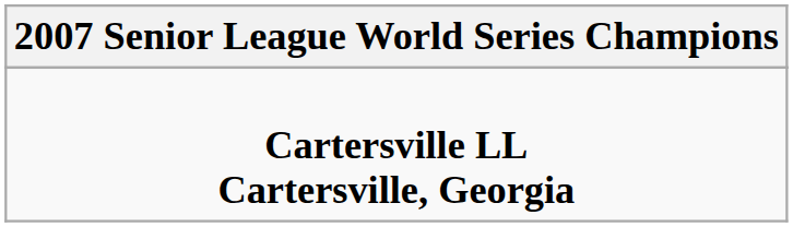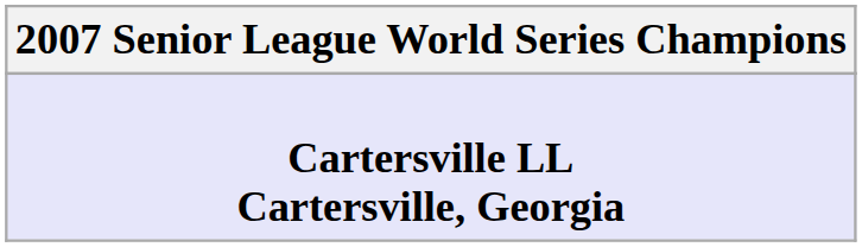 <table class="wikitable" style="text-align: center; margin: 0 auto;">
 <tr>
 <th>2007 Senior League World Series Champions</th>
 </tr>
 <tr>
 </tr>
 <tr>
-<td><br><strong>Cartersville LL</strong><br> <strong>Cartersville, Georgia</strong></td>
+<td style="background: lavender;"><br><strong>Cartersville LL</strong><br> <strong>Cartersville, Georgia</strong></td>
 </tr>
 </table>
